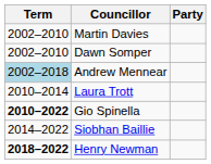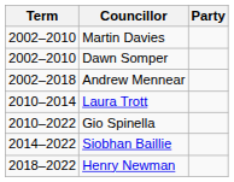 <table class="wikitable">
 <tr>
 <th>Term</th>
 <th>Councillor</th>
 <th colspan=2>Party</th>
 </tr>
 <tr>
 <td>2002–2010</td>
 <td>Martin Davies</td>
 <td></td>
 </tr>
 <tr>
 <td>2002–2010</td>
 <td>Dawn Somper</td>
 <td></td>
 </tr>
 <tr>
-<td style="background: lightblue;">2002–2018</td>
+<td>2002–2018</td>
 <td>Andrew Mennear</td>
 <td></td>
 </tr>
 <tr>
 <td>2010–2014</td>
 <td><a href='#'>Laura Trott</a></td>
 <td></td>
 </tr>
 <tr>
-<td><strong>2010–2022</strong></td>
+<td>2010–2022</td>
 <td>Gio Spinella</td>
 <td></td>
 </tr>
 <tr>
 <td>2014–2022</td>
 <td><a href='#'>Siobhan Baillie</a></td>
 <td></td>
 </tr>
 <tr>
-<td><strong>2018–2022</strong></td>
+<td>2018–2022</td>
 <td><a href='#'>Henry Newman</a></td>
 <td></td>
 </tr>
 </table>
